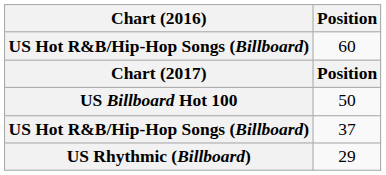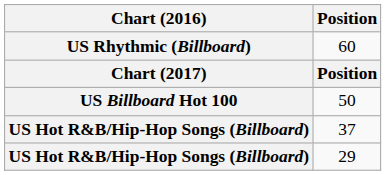 <table class="wikitable sortable plainrowheaders" style="text-align:center">
 <tr>
 <th scope="col">Chart (2016)</th>
 <th scope="col">Position</th>
 </tr>
 <tr>
-<th scope="row">US Hot R&B/Hip-Hop Songs (<em>Billboard</em>)</th>
+<th scope="row">US Rhythmic (<em>Billboard</em>)</th>
 <td>60</td>
 </tr>
 <tr>
 <th scope="col">Chart (2017)</th>
 <th scope="col">Position</th>
 </tr>
 <tr>
 <th scope="row">US <em>Billboard</em> Hot 100</th>
 <td>50</td>
 </tr>
 <tr>
 <th scope="row">US Hot R&B/Hip-Hop Songs (<em>Billboard</em>)</th>
 <td>37</td>
 </tr>
 <tr>
-<th scope="row">US Rhythmic (<em>Billboard</em>)</th>
+<th scope="row">US Hot R&B/Hip-Hop Songs (<em>Billboard</em>)</th>
 <td>29</td>
 </tr>
 </table>
